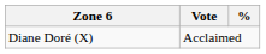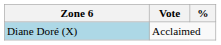 <table class="wikitable">
 <tr>
 <th bgcolor="#DDDDFF" width="200px">Zone 6</th>
 <th bgcolor="#DDDDFF" width="50px">Vote</th>
 <th bgcolor="#DDDDFF" width="30px">%</th>
 </tr>
 <tr>
-<td>Diane Doré (X)</td>
+<td style="background: lightblue;">Diane Doré (X)</td>
 <td colspan="2">Acclaimed</td>
 </tr>
 </table>
